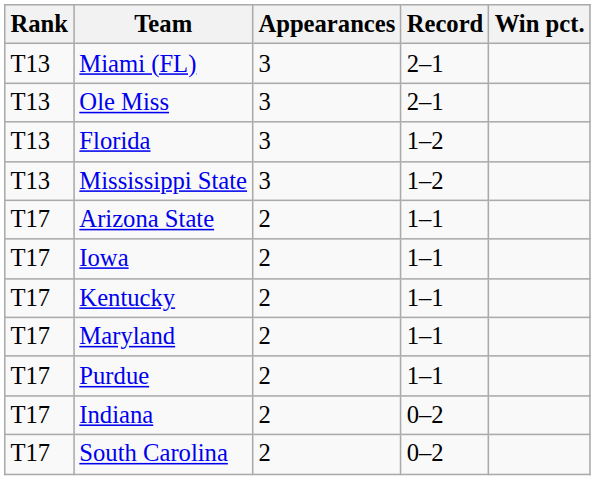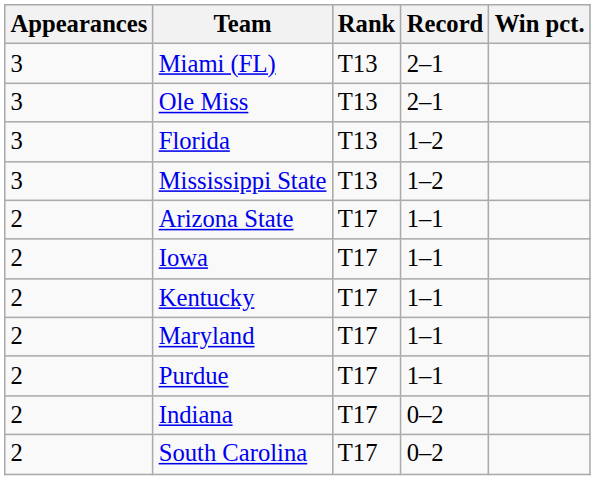 <table class = "wikitable sortable">
 <tr>
+<th>Appearances</th>
+<th>Team</th>
 <th>Rank</th>
-<th>Team</th>
-<th>Appearances</th>
 <th>Record</th>
 <th>Win pct.</th>
 </tr>
 <tr>
+<td>3</td>
+<td><a href='#'>Miami (FL)</a></td>
 <td>T13</td>
-<td><a href='#'>Miami (FL)</a></td>
-<td>3</td>
 <td>2–1</td>
 <td></td>
 </tr>
 <tr>
+<td>3</td>
+<td><a href='#'>Ole Miss</a></td>
 <td>T13</td>
-<td><a href='#'>Ole Miss</a></td>
-<td>3</td>
 <td>2–1</td>
 <td></td>
 </tr>
 <tr>
+<td>3</td>
+<td><a href='#'>Florida</a></td>
 <td>T13</td>
-<td><a href='#'>Florida</a></td>
-<td>3</td>
 <td>1–2</td>
 <td></td>
 </tr>
 <tr>
+<td>3</td>
+<td><a href='#'>Mississippi State</a></td>
 <td>T13</td>
-<td><a href='#'>Mississippi State</a></td>
-<td>3</td>
 <td>1–2</td>
 <td></td>
 </tr>
 <tr>
+<td>2</td>
+<td><a href='#'>Arizona State</a></td>
 <td>T17</td>
-<td><a href='#'>Arizona State</a></td>
-<td>2</td>
 <td>1–1</td>
 <td></td>
 </tr>
 <tr>
+<td>2</td>
+<td><a href='#'>Iowa</a></td>
 <td>T17</td>
-<td><a href='#'>Iowa</a></td>
-<td>2</td>
 <td>1–1</td>
 <td></td>
 </tr>
 <tr>
+<td>2</td>
+<td><a href='#'>Kentucky</a></td>
 <td>T17</td>
-<td><a href='#'>Kentucky</a></td>
-<td>2</td>
 <td>1–1</td>
 <td></td>
 </tr>
 <tr>
+<td>2</td>
+<td><a href='#'>Maryland</a></td>
 <td>T17</td>
-<td><a href='#'>Maryland</a></td>
-<td>2</td>
 <td>1–1</td>
 <td></td>
 </tr>
 <tr>
+<td>2</td>
+<td><a href='#'>Purdue</a></td>
 <td>T17</td>
-<td><a href='#'>Purdue</a></td>
-<td>2</td>
 <td>1–1</td>
 <td></td>
 </tr>
 <tr>
+<td>2</td>
+<td><a href='#'>Indiana</a></td>
 <td>T17</td>
-<td><a href='#'>Indiana</a></td>
-<td>2</td>
 <td>0–2</td>
 <td></td>
 </tr>
 <tr>
+<td>2</td>
+<td><a href='#'>South Carolina</a></td>
 <td>T17</td>
-<td><a href='#'>South Carolina</a></td>
-<td>2</td>
 <td>0–2</td>
 <td></td>
 </tr>
 </table>
